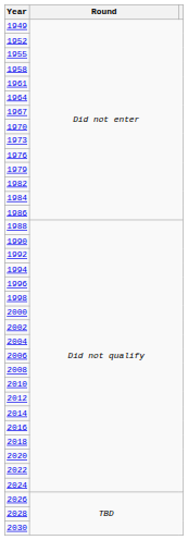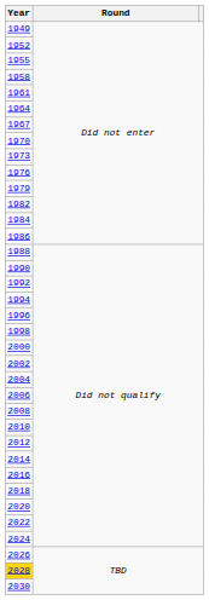 <table class="wikitable" style="text-align: center; font-size:90%">
 <tr>
 <th>Year</th>
 <th style="width:200px">Round</th>
 <th></th>
 </tr>
 <tr>
 <td><a href='#'>1949</a></td>
 <td colspan="2" rowspan="14"><em>Did not enter</em></td>
 </tr>
 <tr>
 <td><a href='#'>1952</a></td>
 </tr>
 <tr>
 <td><a href='#'>1955</a></td>
 </tr>
 <tr>
 <td><a href='#'>1958</a></td>
 </tr>
 <tr>
 <td><a href='#'>1961</a></td>
 </tr>
 <tr>
 <td><a href='#'>1964</a></td>
 </tr>
 <tr>
 <td><a href='#'>1967</a></td>
 </tr>
 <tr>
 <td><a href='#'>1970</a></td>
 </tr>
 <tr>
 <td><a href='#'>1973</a></td>
 </tr>
 <tr>
 <td><a href='#'>1976</a></td>
 </tr>
 <tr>
 <td><a href='#'>1979</a></td>
 </tr>
 <tr>
 <td><a href='#'>1982</a></td>
 </tr>
 <tr>
 <td><a href='#'>1984</a></td>
 </tr>
 <tr>
 <td><a href='#'>1986</a></td>
 </tr>
 <tr>
 <td><a href='#'>1988</a></td>
 <td colspan="2" rowspan="19"><em>Did not qualify</em></td>
 </tr>
 <tr>
 <td><a href='#'>1990</a></td>
 </tr>
 <tr>
 <td><a href='#'>1992</a></td>
 </tr>
 <tr>
 <td><a href='#'>1994</a></td>
 </tr>
 <tr>
 <td><a href='#'>1996</a></td>
 </tr>
 <tr>
 <td><a href='#'>1998</a></td>
 </tr>
 <tr>
 <td><a href='#'>2000</a></td>
 </tr>
 <tr>
 <td><a href='#'>2002</a></td>
 </tr>
 <tr>
 <td><a href='#'>2004</a></td>
 </tr>
 <tr>
 <td><a href='#'>2006</a></td>
 </tr>
 <tr>
 <td><a href='#'>2008</a></td>
 </tr>
 <tr>
 <td><a href='#'>2010</a></td>
 </tr>
 <tr>
 <td><a href='#'>2012</a></td>
 </tr>
 <tr>
 <td><a href='#'>2014</a></td>
 </tr>
 <tr>
 <td><a href='#'>2016</a></td>
 </tr>
 <tr>
 <td><a href='#'>2018</a></td>
 </tr>
 <tr>
 <td><a href='#'>2020</a></td>
 </tr>
 <tr>
 <td><a href='#'>2022</a></td>
 </tr>
 <tr>
 <td><a href='#'>2024</a></td>
 </tr>
 <tr>
 <td><a href='#'>2026</a></td>
 <td colspan="2" rowspan="3"><em>TBD</em></td>
 </tr>
 <tr>
-<td><a href='#'>2028</a></td>
+<td style="background: gold;"><a href='#'>2028</a></td>
 </tr>
 <tr>
 <td><a href='#'>2030</a></td>
 </tr>
 </table>
